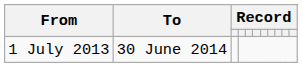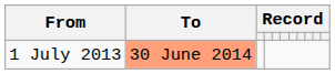 <table class="wikitable" style="text-align: center">
 <tr>
 <th rowspan="2">From</th>
 <th rowspan="2">To</th>
 <th colspan="9">Record</th>
 </tr>
 <tr>
 <th></th>
 <th></th>
 <th></th>
 <th></th>
 <th></th>
 <th></th>
 <th></th>
 <th></th>
 <th></th>
 </tr>
 <tr>
 <td>1 July 2013</td>
-<td>30 June 2014<br></td>
+<td style="background: lightsalmon;">30 June 2014<br></td>
 <td></td>
 </tr>
 </table>
